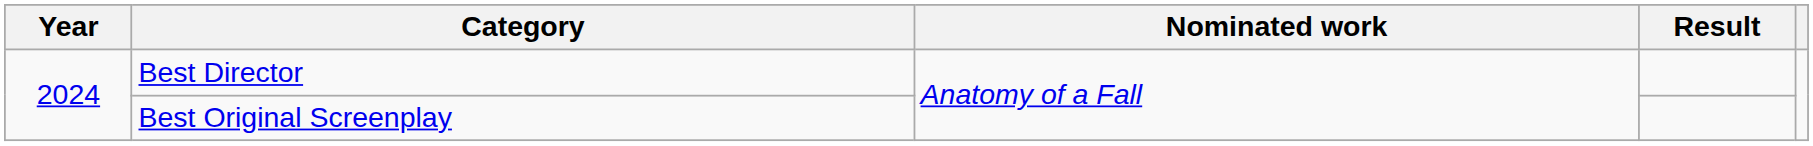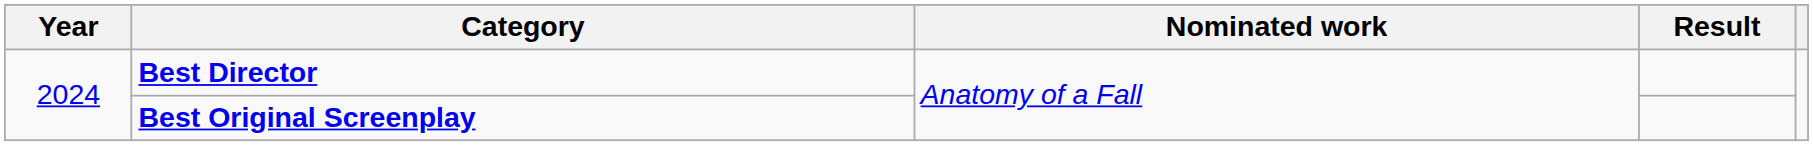 <table class=wikitable>
 <tr>
 <th scope="col" style="width:4em;">Year</th>
 <th scope="col" style="width:27em;">Category</th>
 <th scope="col" style="width:25em;">Nominated work</th>
 <th scope="col" style="width:5em;">Result</th>
 <th></th>
 </tr>
 <tr>
 <td rowspan="2" style="text-align:center;"><a href='#'>2024</a></td>
-<td><a href='#'>Best Director</a></td>
+<td><strong><a href='#'>Best Director</a></strong></td>
 <td rowspan="2"><em><a href='#'>Anatomy of a Fall</a></em></td>
 <td></td>
 <td rowspan="2" style="text-align:center;"></td>
 </tr>
 <tr>
-<td><a href='#'>Best Original Screenplay</a></td>
+<td><strong><a href='#'>Best Original Screenplay</a></strong></td>
 <td></td>
 </tr>
 </table>
